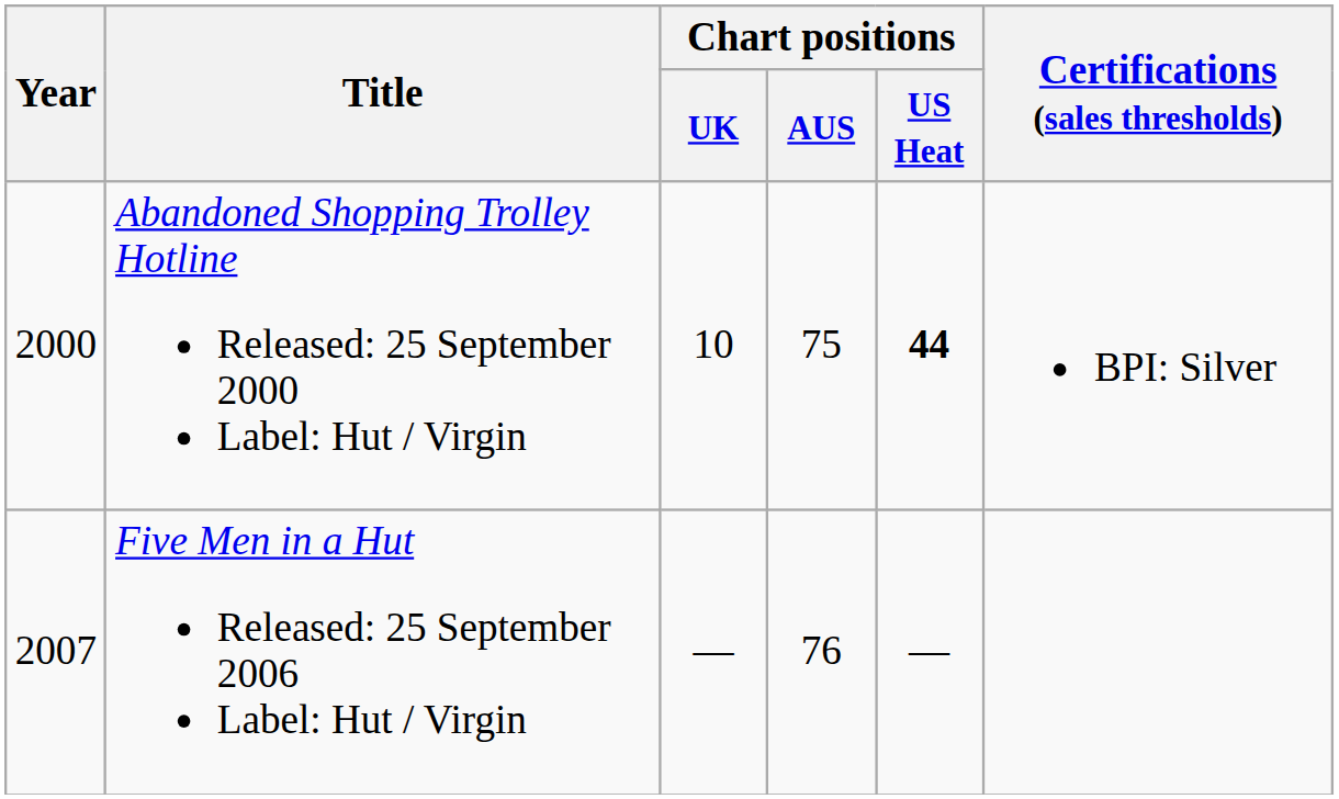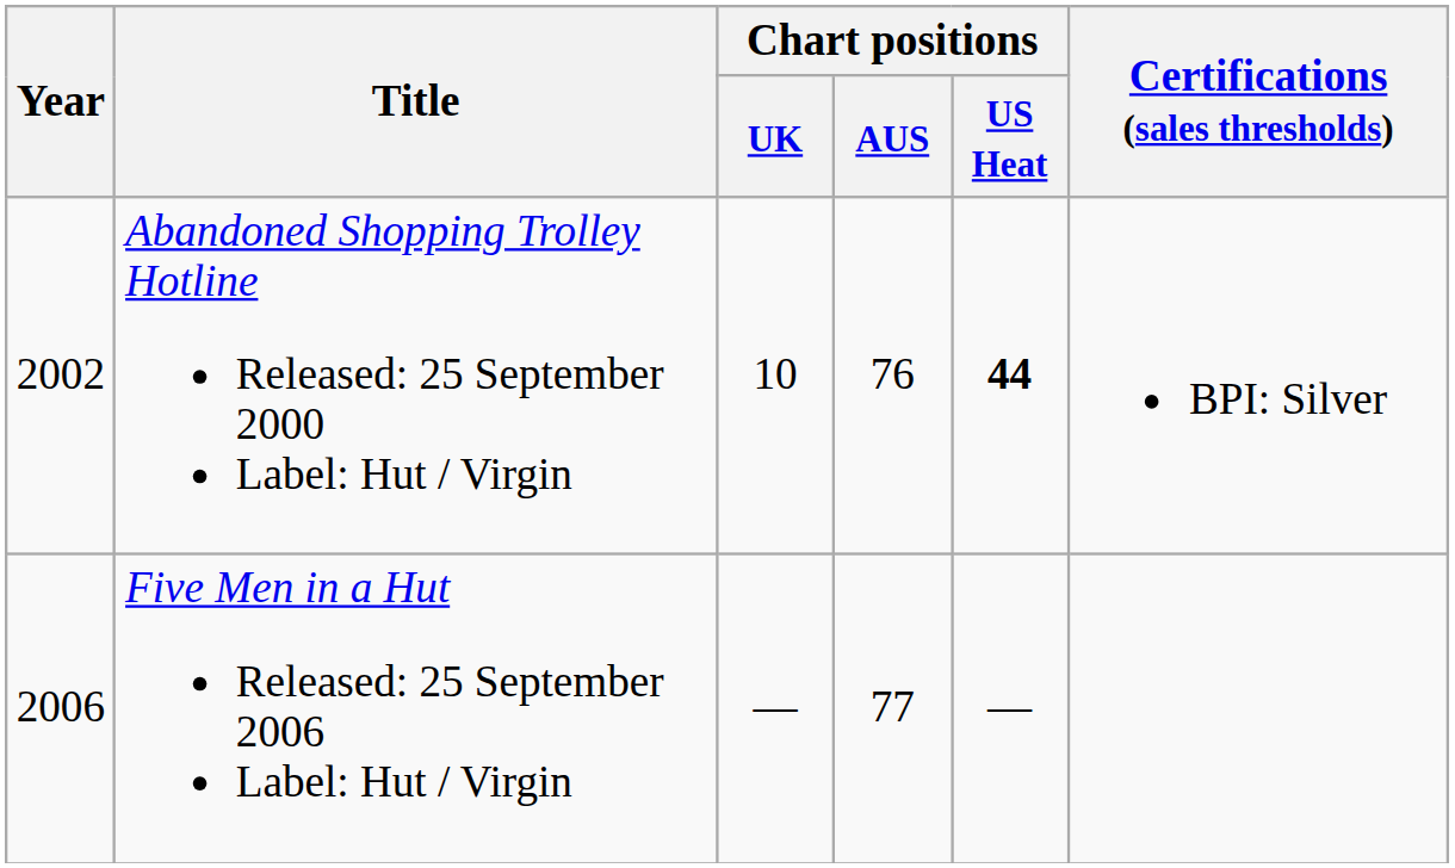 <table class="wikitable">
 <tr>
 <th rowspan="2">Year</th>
 <th rowspan="2" style="width:210px;">Title</th>
 <th colspan="3">Chart positions</th>
 <th rowspan="2" style="width:130px;"><a href='#'>Certifications</a><br><small>(<a href='#'>sales thresholds</a>)</small></th>
 </tr>
 <tr>
 <th style="width:35px;"><small><a href='#'>UK</a></small><br></th>
 <th style="width:35px;"><small><a href='#'>AUS</a></small><br></th>
 <th style="width:35px;"><small><a href='#'>US Heat</a></small></th>
 </tr>
 <tr>
-<td>2000</td>
+<td>2002</td>
 <td><em><a href='#'>Abandoned Shopping Trolley Hotline</a></em><br><ul><li>Released: 25 September 2000</li><li>Label: Hut / Virgin</li></ul></td>
 <td style="text-align:center;">10</td>
-<td style="text-align:center;">75</td>
+<td style="text-align:center;">76</td>
 <td style="text-align:center;"><strong>44</strong></td>
 <td><br><ul><li>BPI: Silver</li></ul></td>
 </tr>
 <tr>
-<td>2007</td>
+<td>2006</td>
 <td><em><a href='#'>Five Men in a Hut</a></em><br><ul><li>Released: 25 September 2006</li><li>Label: Hut / Virgin</li></ul></td>
 <td style="text-align:center;">—</td>
-<td style="text-align:center;">76</td>
+<td style="text-align:center;">77</td>
 <td style="text-align:center;">—</td>
 <td></td>
 </tr>
 </table>
